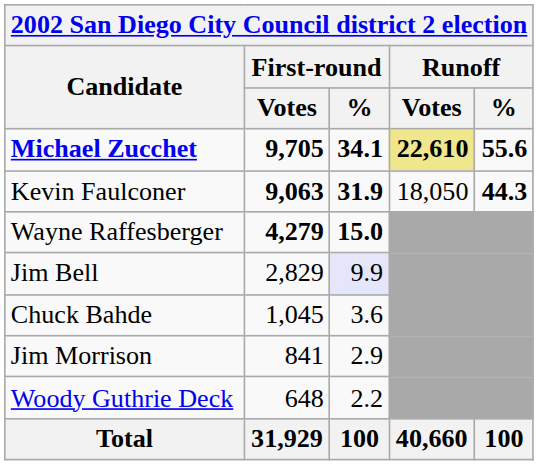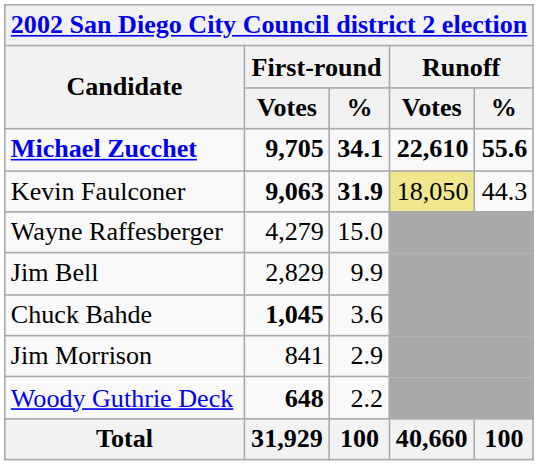 <table class=wikitable>
 <tr>
 <th colspan=5><a href='#'>2002 San Diego City Council district 2 election</a></th>
 </tr>
 <tr>
 <th colspan=1 rowspan=2>Candidate</th>
 <th colspan=2><strong>First-round</strong></th>
 <th colspan=2><strong>Runoff</strong></th>
 </tr>
 <tr>
 <th>Votes</th>
 <th>%</th>
 <th>Votes</th>
 <th>%</th>
 </tr>
 <tr>
 <td><strong><a href='#'>Michael Zucchet</a></strong></td>
 <td align="right"><strong>9,705</strong></td>
 <td align="right"><strong>34.1</strong></td>
-<td align="right" style="background: khaki;"><strong>22,610</strong></td>
+<td align="right"><strong>22,610</strong></td>
 <td align="right"><strong>55.6</strong></td>
 </tr>
 <tr>
 <td>Kevin Faulconer</td>
 <td align="right"><strong>9,063</strong></td>
 <td align="right"><strong>31.9</strong></td>
-<td align="right">18,050</td>
-<td align="right"><strong>44.3</strong></td>
+<td align="right" style="background: khaki;">18,050</td>
+<td align="right">44.3</td>
 </tr>
 <tr>
 <td>Wayne Raffesberger</td>
-<td align="right"><strong>4,279</strong></td>
-<td align="right"><strong>15.0</strong></td>
+<td align="right">4,279</td>
+<td align="right">15.0</td>
 <td colspan=2 bgcolor=darkgray></td>
 </tr>
 <tr>
 <td>Jim Bell</td>
 <td align="right">2,829</td>
-<td align="right" style="background: lavender;">9.9</td>
+<td align="right">9.9</td>
 <td colspan=2 bgcolor=darkgray></td>
 </tr>
 <tr>
 <td>Chuck Bahde</td>
-<td align="right">1,045</td>
+<td align="right"><strong>1,045</strong></td>
 <td align="right">3.6</td>
 <td colspan=2 bgcolor=darkgray></td>
 </tr>
 <tr>
 <td>Jim Morrison</td>
 <td align="right">841</td>
 <td align="right">2.9</td>
 <td colspan=2 bgcolor=darkgray></td>
 </tr>
 <tr>
 <td><a href='#'>Woody Guthrie Deck</a></td>
-<td align="right">648</td>
+<td align="right"><strong>648</strong></td>
 <td align="right">2.2</td>
 <td colspan=2 bgcolor=darkgray></td>
 </tr>
 <tr>
 <th>Total</th>
 <th>31,929</th>
 <th>100</th>
 <th>40,660</th>
 <th>100</th>
 </tr>
 </table>
